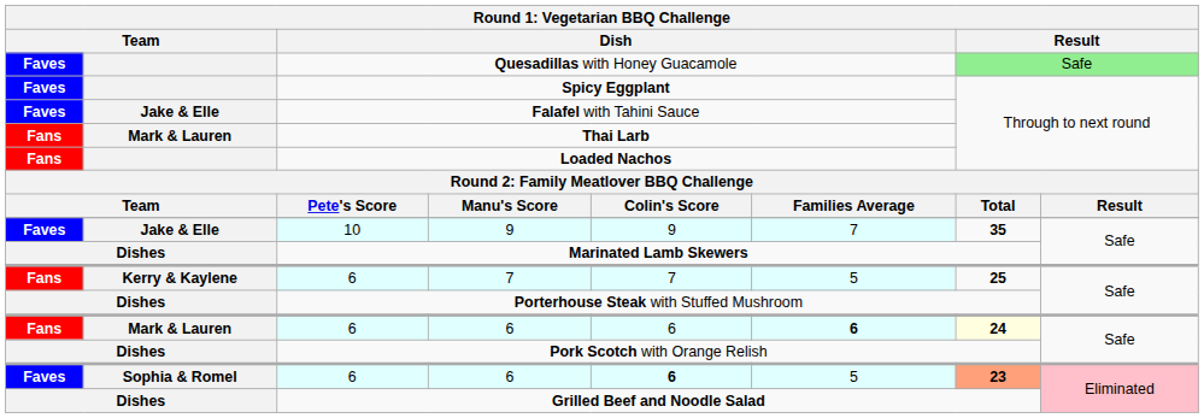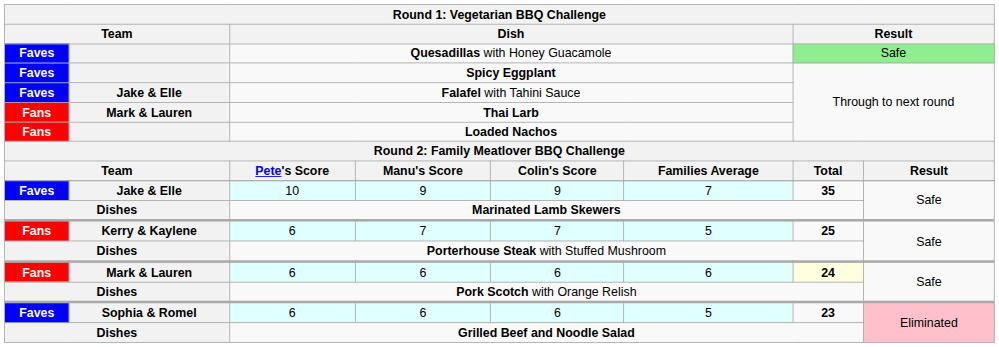 <table class="wikitable plainrowheaders" style="margin:1em auto; text-align:center; font-size:90%; width:80em;">
 <tr>
 <th colspan="8" >Round 1: Vegetarian BBQ Challenge</th>
 </tr>
 <tr>
 <th colspan="2">Team</th>
 <th colspan=4>Dish</th>
 <th colspan=2>Result</th>
 </tr>
 <tr>
 <td style="text-align:center; background:blue; color:white;"><strong>Faves</strong></td>
 <th></th>
 <td colspan=4><strong>Quesadillas</strong> with Honey Guacamole</td>
 <td colspan=2 bgcolor=lightgreen>Safe</td>
 </tr>
 <tr>
 <td style="text-align:center; background:blue; color:white;"><strong>Faves</strong></td>
 <th></th>
 <td colspan=4><strong>Spicy Eggplant</strong></td>
 <td colspan=2 rowspan=4>Through to next round</td>
 </tr>
 <tr>
 <td style="text-align:center; background:blue; color:white;"><strong>Faves</strong></td>
 <th>Jake & Elle</th>
 <td colspan=4><strong>Falafel</strong> with Tahini Sauce</td>
 </tr>
 <tr>
 <td style="text-align:center; background:red; color:white;"><strong>Fans</strong></td>
 <th>Mark & Lauren</th>
 <td colspan=4><strong>Thai Larb</strong></td>
 </tr>
 <tr>
 <td style="text-align:center; background:red; color:white;"><strong>Fans</strong></td>
 <th></th>
 <td colspan=4><strong>Loaded Nachos</strong></td>
 </tr>
 <tr>
 <th colspan="8" >Round 2: Family Meatlover BBQ Challenge</th>
 </tr>
 <tr>
 <th colspan=2 scope="col">Team</th>
 <th><a href='#'>Pete</a>'s Score</th>
 <th>Manu's Score</th>
 <th>Colin's Score</th>
 <th>Families Average</th>
 <th scope="col">Total<br><small></small></th>
 <th>Result</th>
 </tr>
 <tr>
 </tr>
 <tr>
 <th style="text-align:center; background:blue; color:white;"><strong>Faves</strong></th>
 <th rowspan="1">Jake & Elle</th>
 <td rowspan="1" bgcolor="#e0ffff">10</td>
 <td rowspan="1" bgcolor="#e0ffff">9</td>
 <td rowspan="1" bgcolor="#e0ffff">9</td>
 <td bgcolor="#e0ffff">7</td>
 <td rowspan="1"><strong>35</strong></td>
 <td rowspan="2">Safe</td>
 </tr>
 <tr>
 <th colspan=2>Dishes</th>
 <td colspan="5"><strong>Marinated Lamb Skewers</strong></td>
 </tr>
 <tr style="border-top:3px solid #aaa;">
 <th style="text-align:center; background:red; color:white;"><strong>Fans</strong></th>
 <th rowspan="1">Kerry & Kaylene</th>
 <td rowspan="1" bgcolor="#e0ffff">6</td>
 <td rowspan="1" bgcolor="#e0ffff">7</td>
 <td rowspan="1" bgcolor="#e0ffff">7</td>
 <td rowspan="1" bgcolor="#e0ffff">5</td>
 <td rowspan="1"><strong>25</strong></td>
 <td rowspan=2>Safe</td>
 </tr>
 <tr>
 <th colspan="2">Dishes</th>
 <td colspan="5"><strong>Porterhouse Steak</strong> with Stuffed Mushroom</td>
 </tr>
 <tr style="border-top:3px solid #aaa;">
 <th style="text-align:center; background:red; color:white;"><strong>Fans</strong></th>
 <th rowspan="1">Mark & Lauren</th>
 <td rowspan="1" bgcolor="#e0ffff">6</td>
 <td rowspan="1" bgcolor="#e0ffff">6</td>
 <td rowspan="1" bgcolor="#e0ffff">6</td>
-<td rowspan="1" bgcolor="#e0ffff"><strong>6</strong></td>
+<td rowspan="1" bgcolor="#e0ffff">6</td>
 <td rowspan="1" style="background: lightyellow;"><strong>24</strong></td>
 <td rowspan=2>Safe</td>
 </tr>
 <tr>
 <th colspan="2">Dishes</th>
 <td colspan="5"><strong>Pork Scotch</strong> with Orange Relish</td>
 </tr>
 <tr style="border-top:3px solid #aaa;">
 <th style="text-align:center; background:blue; color:white;"><strong>Faves</strong></th>
 <th rowspan="1">Sophia & Romel</th>
 <td rowspan="1" bgcolor="#e0ffff">6</td>
 <td rowspan="1" bgcolor="#e0ffff">6</td>
-<td rowspan="1" bgcolor="#e0ffff"><strong>6</strong></td>
+<td rowspan="1" bgcolor="#e0ffff">6</td>
 <td rowspan="1" bgcolor="#e0ffff">5</td>
-<td rowspan="1" style="background: lightsalmon;"><strong>23</strong></td>
+<td rowspan="1"><strong>23</strong></td>
 <td rowspan=2 bgcolor=pink>Eliminated</td>
 </tr>
 <tr>
 <th colspan="2">Dishes</th>
 <td colspan="5"><strong>Grilled Beef and Noodle Salad</strong></td>
 </tr>
 </table>
